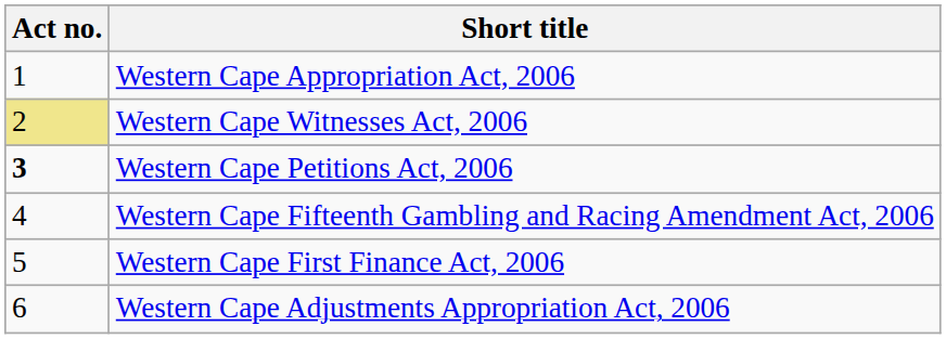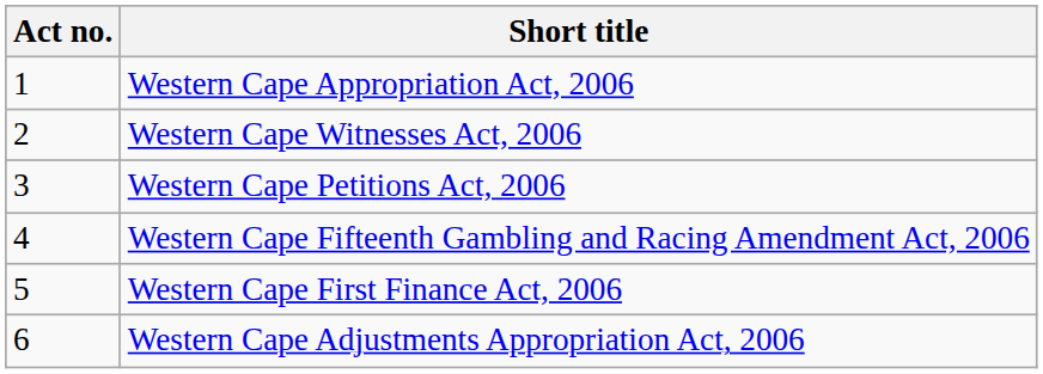 <table class="wikitable">
 <tr>
 <th>Act no.</th>
 <th>Short title</th>
 </tr>
 <tr>
 <td>1</td>
 <td><a href='#'>Western Cape Appropriation Act, 2006</a></td>
 </tr>
 <tr>
-<td style="background: khaki;">2</td>
+<td>2</td>
 <td><a href='#'>Western Cape Witnesses Act, 2006</a></td>
 </tr>
 <tr>
-<td><strong>3</strong></td>
+<td>3</td>
 <td><a href='#'>Western Cape Petitions Act, 2006</a></td>
 </tr>
 <tr>
 <td>4</td>
 <td><a href='#'>Western Cape Fifteenth Gambling and Racing Amendment Act, 2006</a></td>
 </tr>
 <tr>
 <td>5</td>
 <td><a href='#'>Western Cape First Finance Act, 2006</a></td>
 </tr>
 <tr>
 <td>6</td>
 <td><a href='#'>Western Cape Adjustments Appropriation Act, 2006</a></td>
 </tr>
 </table>
